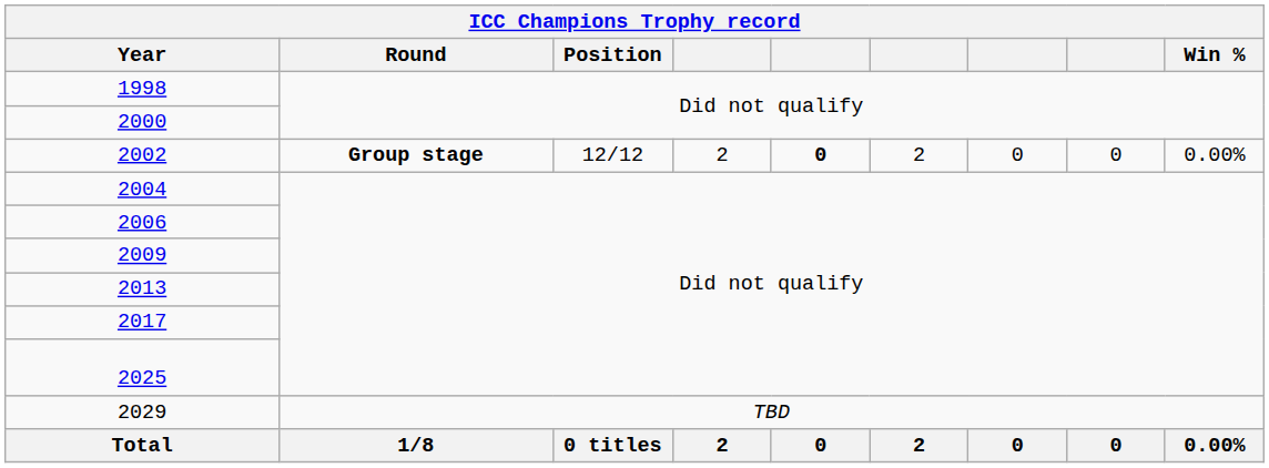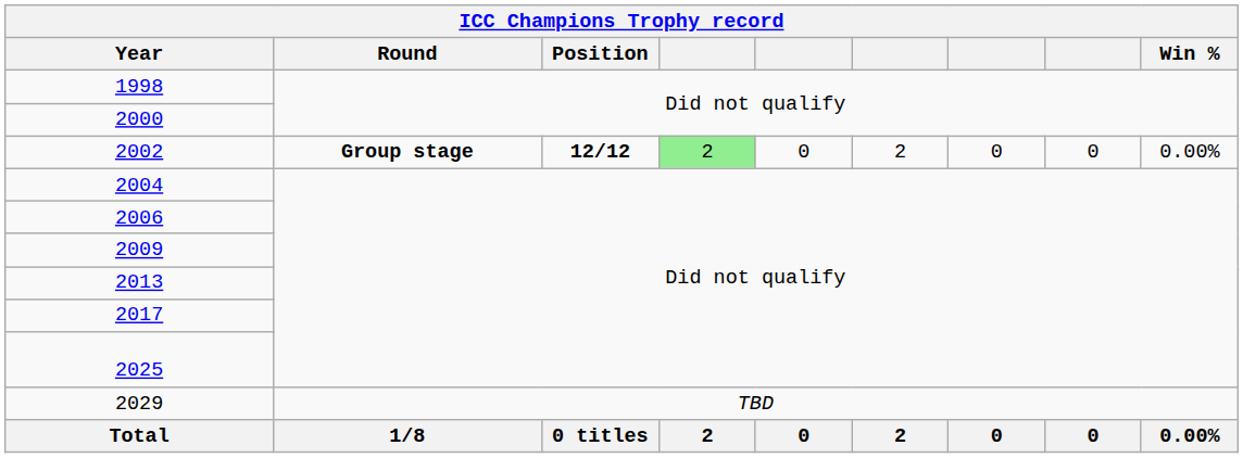 <table class="wikitable" style="text-align: center; width:800px">
 <tr>
 <th colspan=9><a href='#'> ICC Champions Trophy record</a></th>
 </tr>
 <tr>
 <th width=150>Year</th>
 <th width=150>Round</th>
 <th width=50>Position</th>
 <th width=50></th>
 <th width=50></th>
 <th width=50></th>
 <th width=50></th>
 <th width=50></th>
 <th width=50>Win %</th>
 </tr>
 <tr>
 <td> <a href='#'>1998</a></td>
 <td colspan=8 rowspan=2>Did not qualify</td>
 </tr>
 <tr>
 <td> <a href='#'>2000</a></td>
 </tr>
 <tr>
 <td> <a href='#'>2002</a></td>
 <td><strong>Group stage</strong></td>
-<td>12/12</td>
-<td>2</td>
-<td><strong>0</strong></td>
+<td><strong>12/12</strong></td>
+<td style="background: lightgreen;">2</td>
+<td>0</td>
 <td>2</td>
 <td>0</td>
 <td>0</td>
 <td>0.00%</td>
 </tr>
 <tr>
 <td> <a href='#'>2004</a></td>
 <td colspan=8 rowspan=6>Did not qualify</td>
 </tr>
 <tr>
 <td> <a href='#'>2006</a></td>
 </tr>
 <tr>
 <td> <a href='#'>2009</a></td>
 </tr>
 <tr>
 <td>  <a href='#'>2013</a></td>
 </tr>
 <tr>
 <td>  <a href='#'>2017</a></td>
 </tr>
 <tr>
 <td><br> <a href='#'>2025</a></td>
 </tr>
 <tr>
 <td> 2029</td>
 <td colspan="8"><em>TBD</em></td>
 </tr>
 <tr>
 <th>Total</th>
 <th>1/8</th>
 <th>0 titles</th>
 <th>2</th>
 <th>0</th>
 <th>2</th>
 <th>0</th>
 <th>0</th>
 <th>0.00%</th>
 </tr>
 </table>
